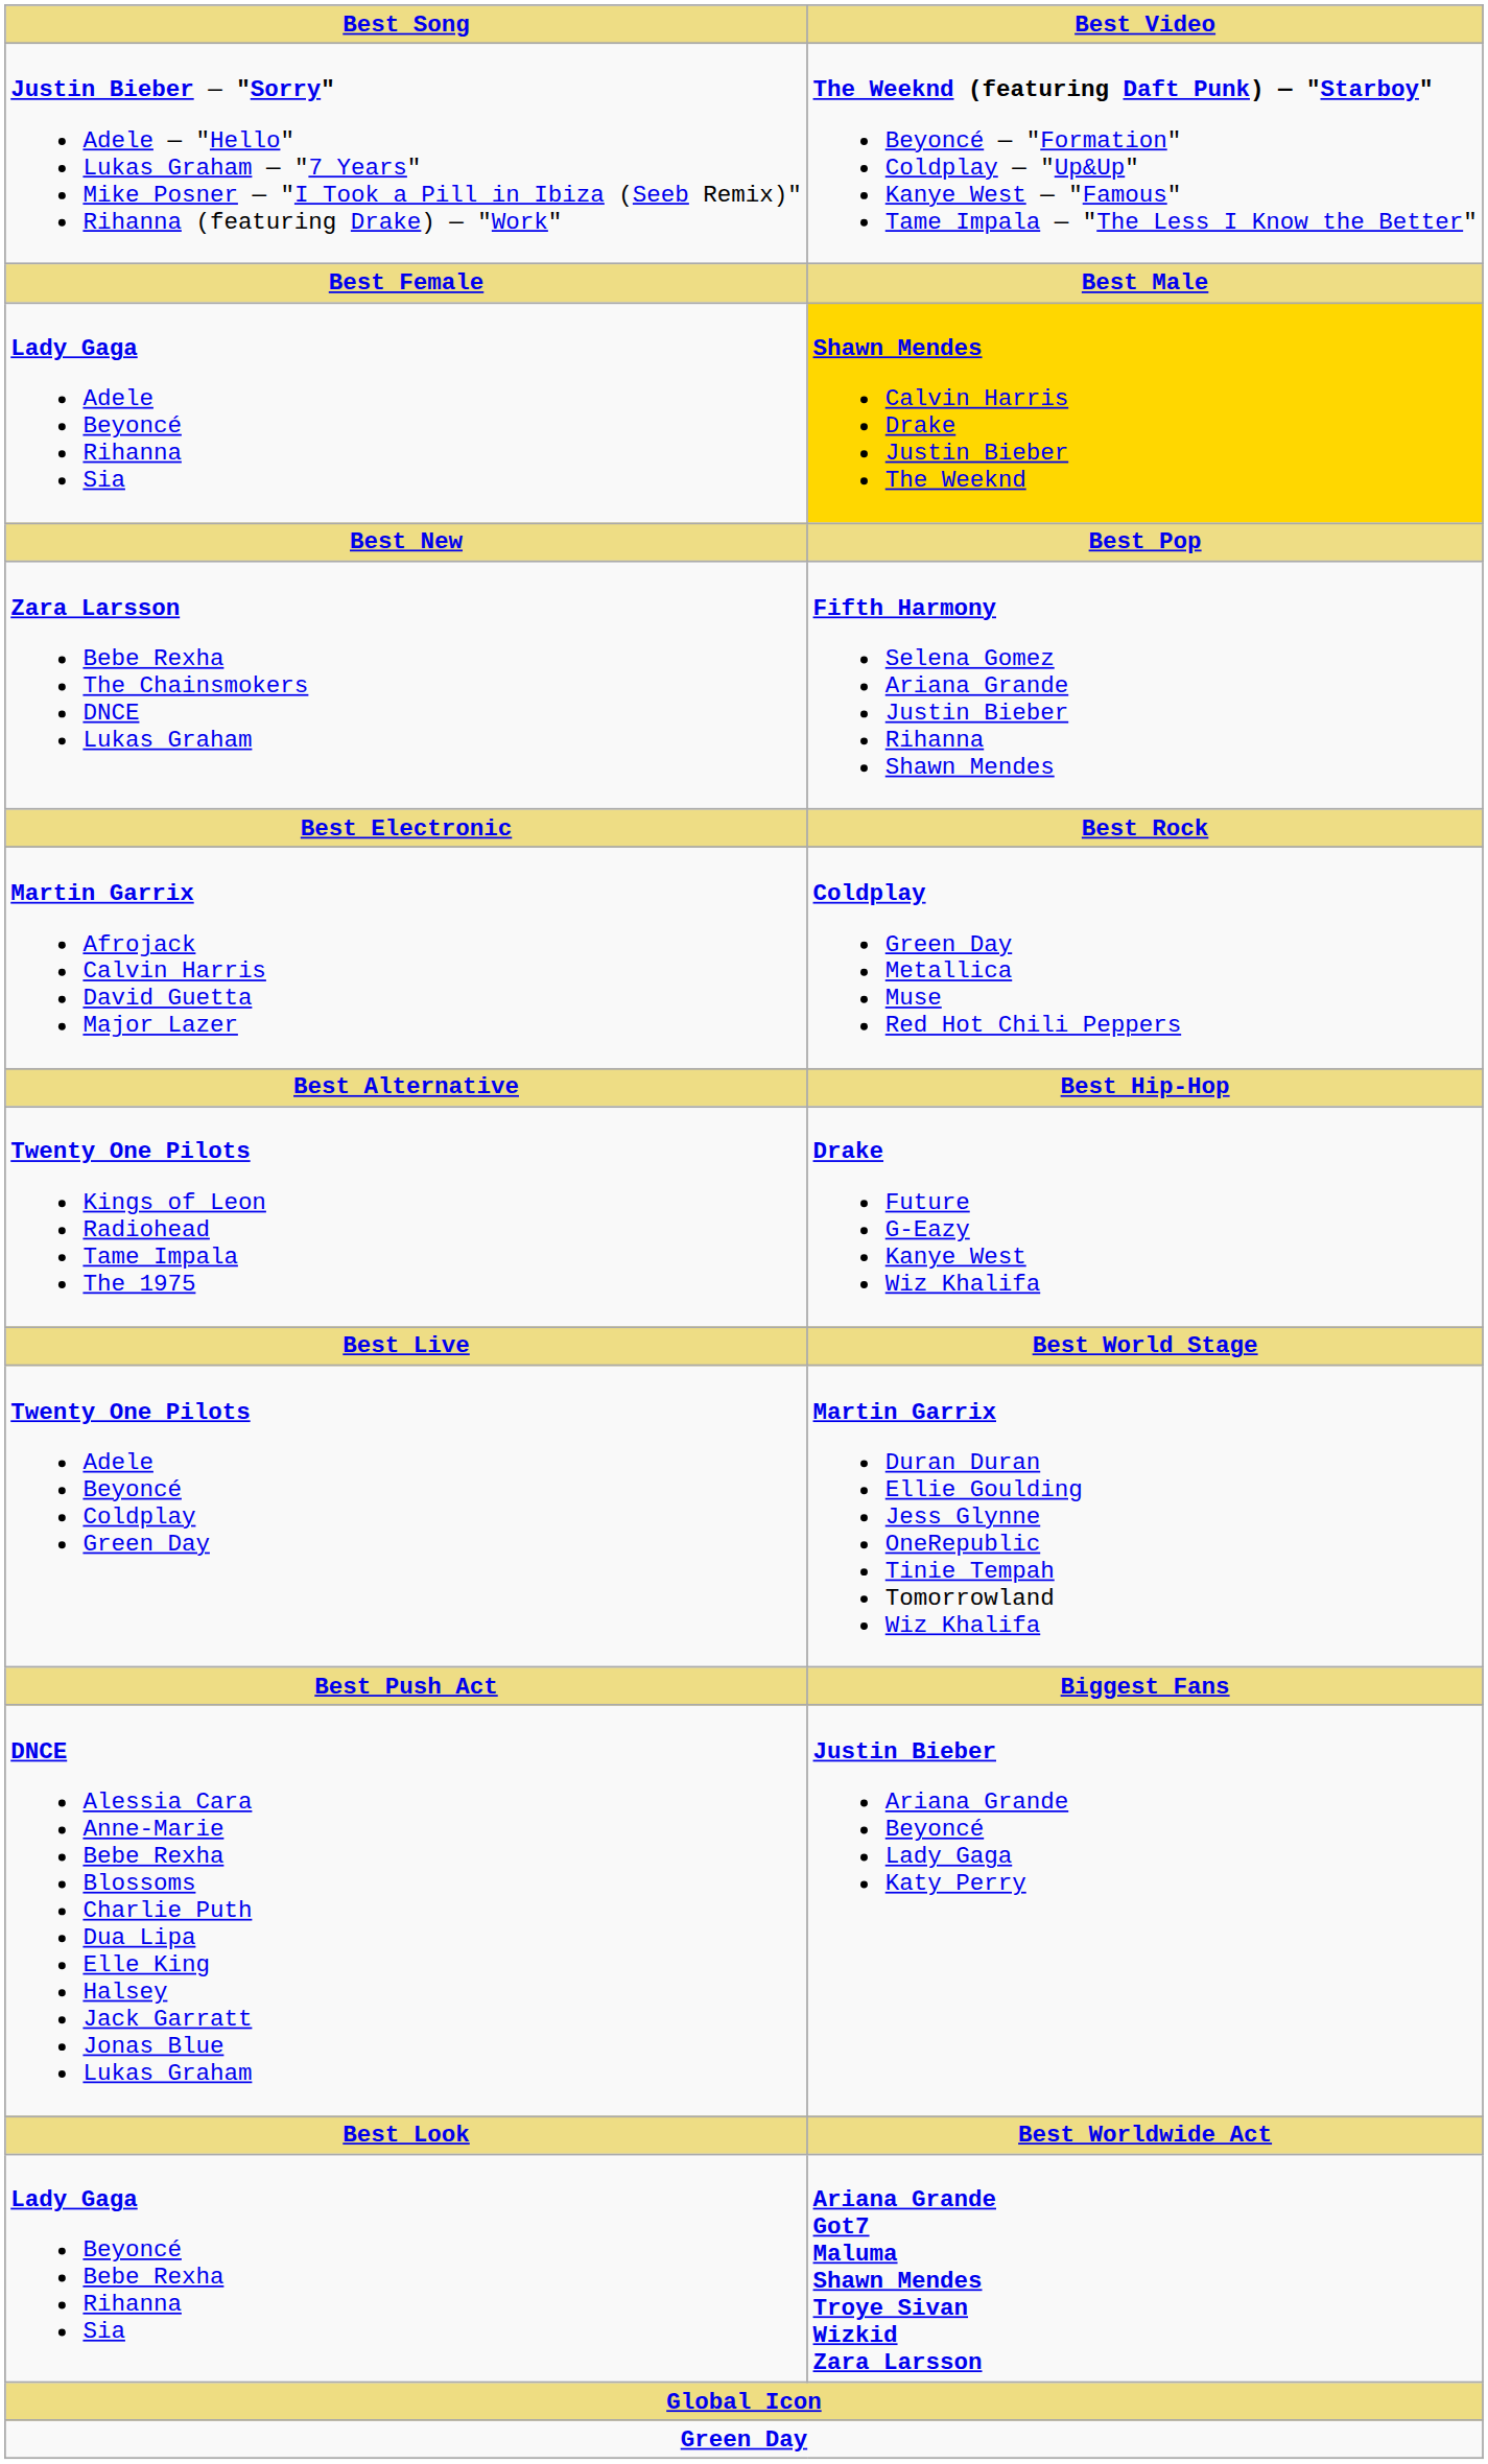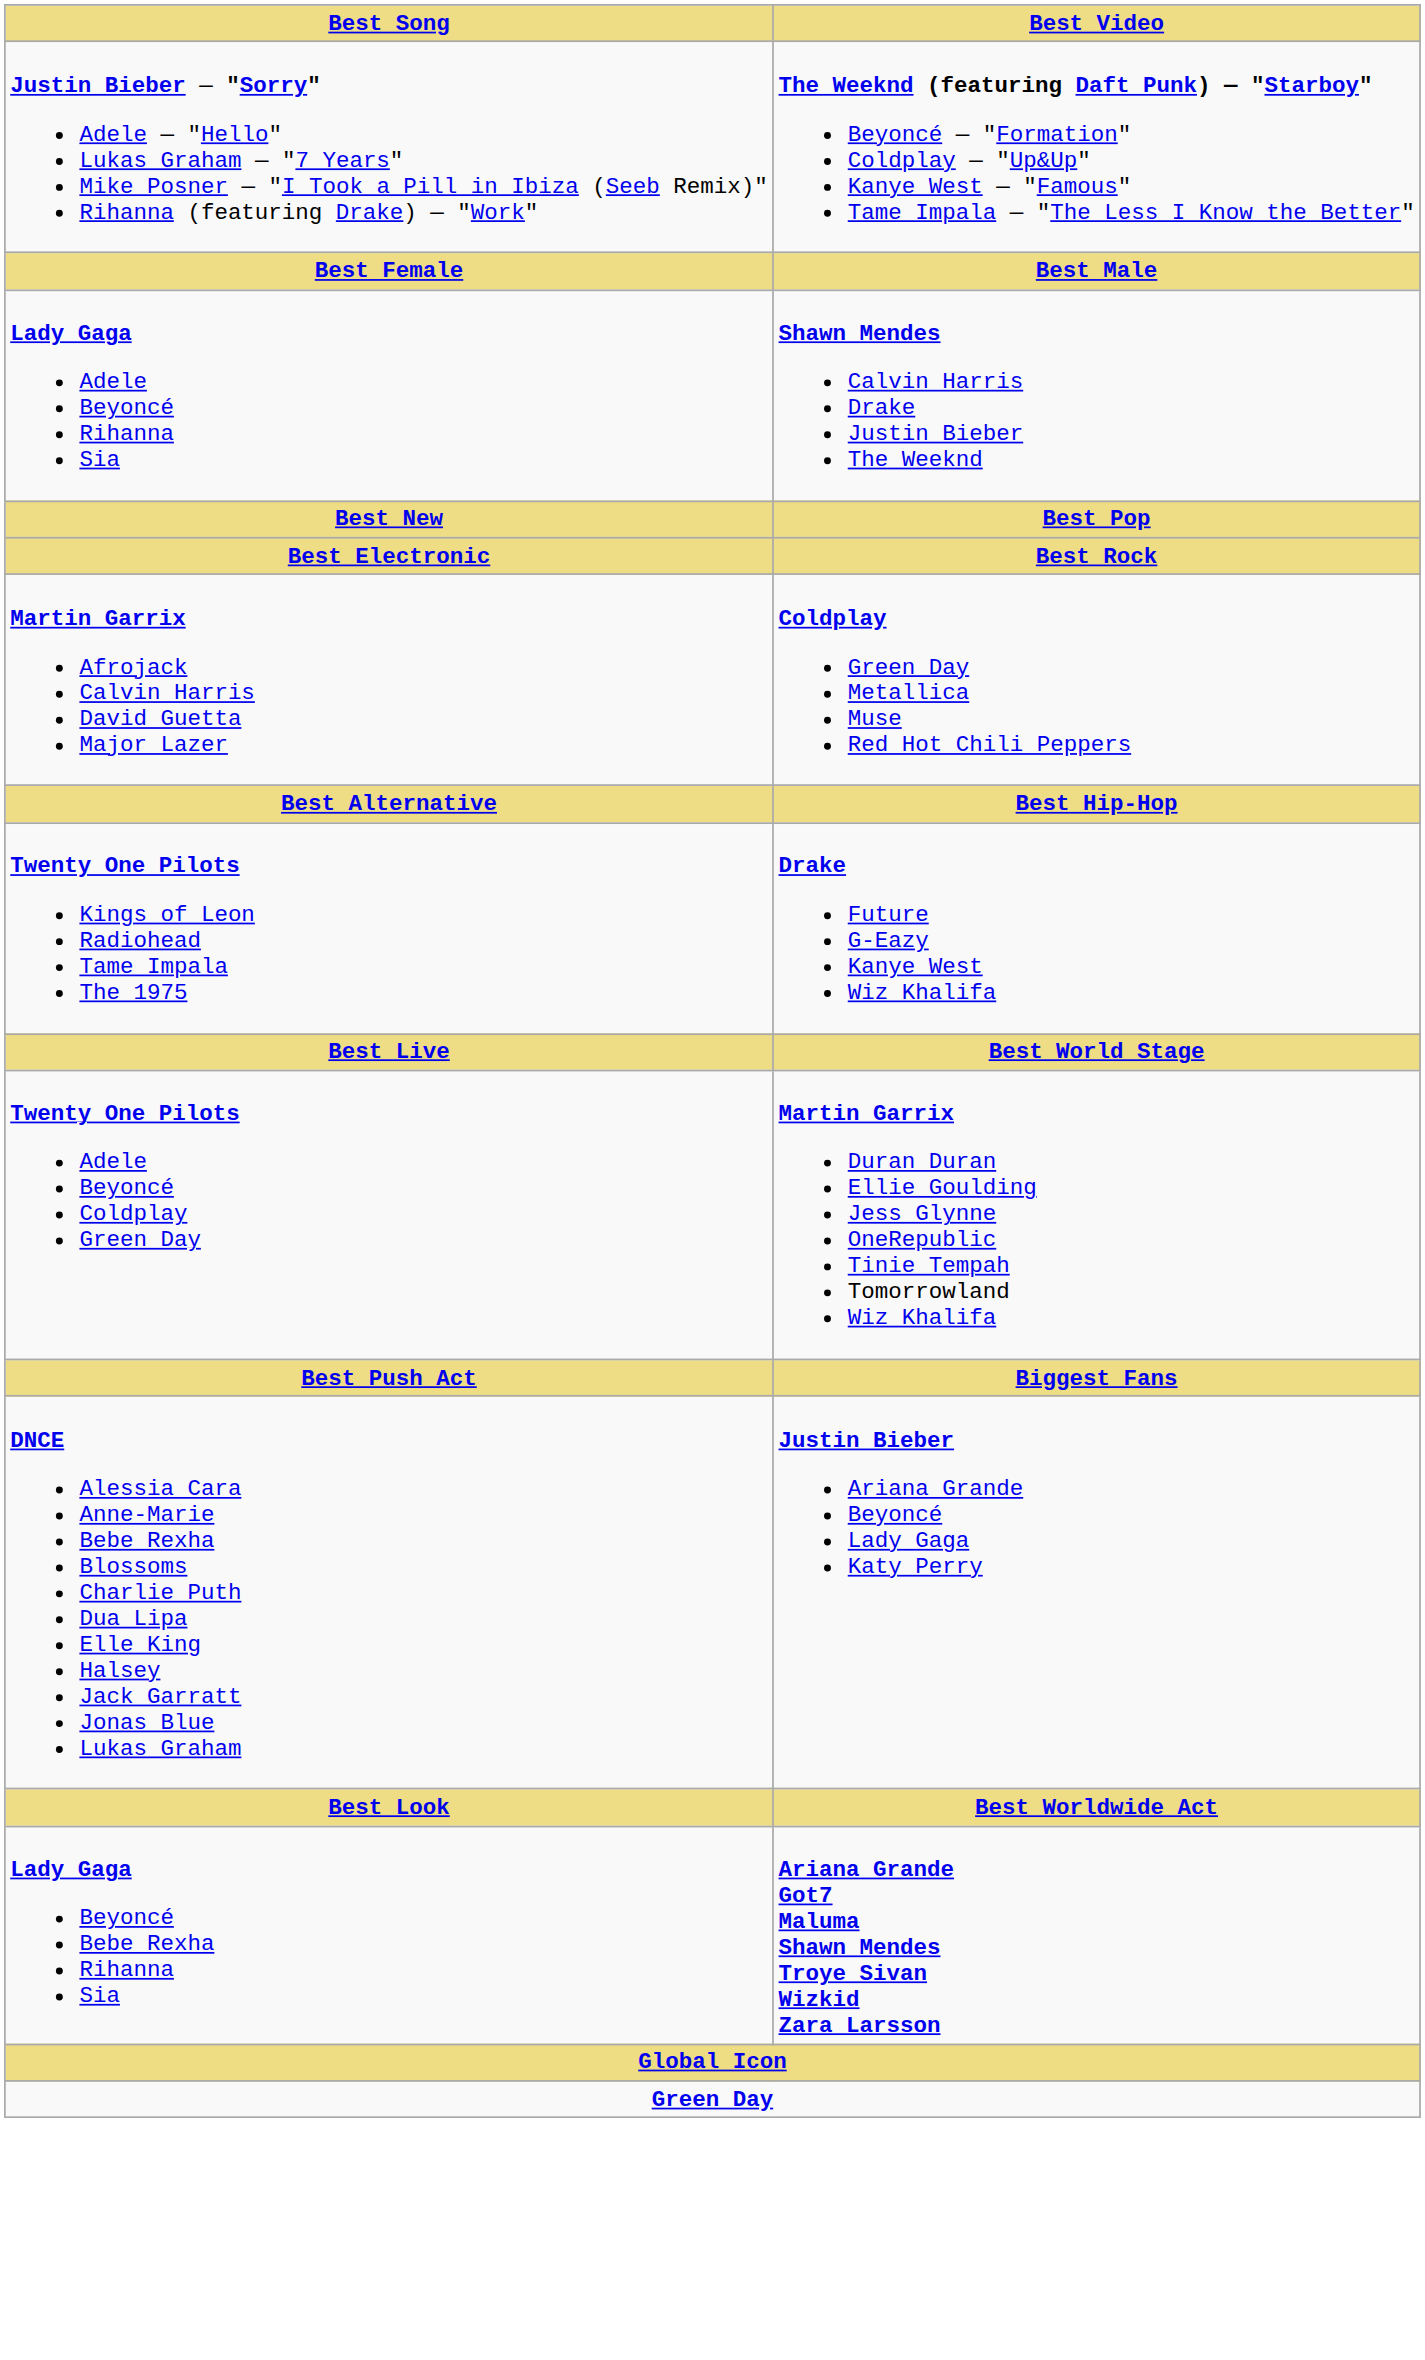 <table class=wikitable style="width=100%">
 <tr>
 <th style="background:#EEDD85; width=50%"><a href='#'>Best Song</a></th>
 <th style="background:#EEDD85; width=50%"><a href='#'>Best Video</a></th>
 </tr>
 <tr>
 <td valign="top"><br><strong><a href='#'>Justin Bieber</a></strong> — <strong>"<a href='#'>Sorry</a>"</strong><ul><li><a href='#'>Adele</a> — "<a href='#'>Hello</a>"</li><li><a href='#'>Lukas Graham</a> — "<a href='#'>7 Years</a>"</li><li><a href='#'>Mike Posner</a> — "<a href='#'>I Took a Pill in Ibiza</a> (<a href='#'>Seeb</a> Remix)"</li><li><a href='#'>Rihanna</a> (featuring <a href='#'>Drake</a>) — "<a href='#'>Work</a>"</li></ul></td>
 <td valign="top"><br><strong><a href='#'>The Weeknd</a> (featuring <a href='#'>Daft Punk</a>) — "<a href='#'>Starboy</a>"</strong><ul><li><a href='#'>Beyoncé</a> — "<a href='#'>Formation</a>"</li><li><a href='#'>Coldplay</a> — "<a href='#'>Up&Up</a>"</li><li><a href='#'>Kanye West</a> — "<a href='#'>Famous</a>"</li><li><a href='#'>Tame Impala</a> — "<a href='#'>The Less I Know the Better</a>"</li></ul></td>
 </tr>
 <tr>
 <th style="background:#EEDD85; width=50%"><a href='#'>Best Female</a></th>
 <th style="background:#EEDD85; width=50%"><a href='#'>Best Male</a></th>
 </tr>
 <tr>
 <td valign="top"><br><strong><a href='#'>Lady Gaga</a></strong><ul><li><a href='#'>Adele</a></li><li><a href='#'>Beyoncé</a></li><li><a href='#'>Rihanna</a></li><li><a href='#'>Sia</a></li></ul></td>
-<td valign="top" style="background: gold;"><br><strong><a href='#'>Shawn Mendes</a></strong><ul><li><a href='#'>Calvin Harris</a></li><li><a href='#'>Drake</a></li><li><a href='#'>Justin Bieber</a></li><li><a href='#'>The Weeknd</a></li></ul></td>
+<td valign="top"><br><strong><a href='#'>Shawn Mendes</a></strong><ul><li><a href='#'>Calvin Harris</a></li><li><a href='#'>Drake</a></li><li><a href='#'>Justin Bieber</a></li><li><a href='#'>The Weeknd</a></li></ul></td>
 </tr>
 <tr>
 <th style="background:#EEDD85; width=50%"><a href='#'>Best New</a></th>
 <th style="background:#EEDD85; width=50%"><a href='#'>Best Pop</a></th>
-</tr>
-<tr>
-<td valign="top"><br><strong><a href='#'>Zara Larsson</a></strong><ul><li><a href='#'>Bebe Rexha</a></li><li><a href='#'>The Chainsmokers</a></li><li><a href='#'>DNCE</a></li><li><a href='#'>Lukas Graham</a></li></ul></td>
-<td valign="top"><br><strong><a href='#'>Fifth Harmony</a></strong><ul><li><a href='#'>Selena Gomez</a></li><li><a href='#'>Ariana Grande</a></li><li><a href='#'>Justin Bieber</a></li><li><a href='#'>Rihanna</a></li><li><a href='#'>Shawn Mendes</a></li></ul></td>
 </tr>
 <tr>
 <th style="background:#EEDD85; width=50%"><a href='#'>Best Electronic</a></th>
 <th style="background:#EEDD85; width=50%"><a href='#'>Best Rock</a></th>
 </tr>
 <tr>
 <td valign="top"><br><strong><a href='#'>Martin Garrix</a></strong><ul><li><a href='#'>Afrojack</a></li><li><a href='#'>Calvin Harris</a></li><li><a href='#'>David Guetta</a></li><li><a href='#'>Major Lazer</a></li></ul></td>
 <td valign="top"><br><strong><a href='#'>Coldplay</a></strong><ul><li><a href='#'>Green Day</a></li><li><a href='#'>Metallica</a></li><li><a href='#'>Muse</a></li><li><a href='#'>Red Hot Chili Peppers</a></li></ul></td>
 </tr>
 <tr>
 <th style="background:#EEDD85; width=50%"><a href='#'>Best Alternative</a></th>
 <th style="background:#EEDD85; width=50%"><a href='#'>Best Hip-Hop</a></th>
 </tr>
 <tr>
 <td valign="top"><br><strong><a href='#'>Twenty One Pilots</a></strong><ul><li><a href='#'>Kings of Leon</a></li><li><a href='#'>Radiohead</a></li><li><a href='#'>Tame Impala</a></li><li><a href='#'>The 1975</a></li></ul></td>
 <td valign="top"><br><strong><a href='#'>Drake</a></strong><ul><li><a href='#'>Future</a></li><li><a href='#'>G-Eazy</a></li><li><a href='#'>Kanye West</a></li><li><a href='#'>Wiz Khalifa</a></li></ul></td>
 </tr>
 <tr>
 <th style="background:#EEDD85; width=50%"><a href='#'>Best Live</a></th>
 <th style="background:#EEDD85; width=50%"><a href='#'>Best World Stage</a></th>
 </tr>
 <tr>
 <td valign="top"><br><strong><a href='#'>Twenty One Pilots</a></strong><ul><li><a href='#'>Adele</a></li><li><a href='#'>Beyoncé</a></li><li><a href='#'>Coldplay</a></li><li><a href='#'>Green Day</a></li></ul></td>
 <td valign="top"><br><strong><a href='#'>Martin Garrix</a></strong><ul><li><a href='#'>Duran Duran</a></li><li><a href='#'>Ellie Goulding</a></li><li><a href='#'>Jess Glynne</a></li><li><a href='#'>OneRepublic</a></li><li><a href='#'>Tinie Tempah</a></li><li>Tomorrowland</li><li><a href='#'>Wiz Khalifa</a></li></ul></td>
 </tr>
 <tr>
 <th style="background:#EEDD85; width=50%"><a href='#'>Best Push Act</a></th>
 <th style="background:#EEDD85; width=50%"><a href='#'>Biggest Fans</a></th>
 </tr>
 <tr>
 <td valign="top"><br><strong><a href='#'>DNCE</a></strong><ul><li><a href='#'>Alessia Cara</a></li><li><a href='#'>Anne-Marie</a></li><li><a href='#'>Bebe Rexha</a></li><li><a href='#'>Blossoms</a></li><li><a href='#'>Charlie Puth</a></li><li><a href='#'>Dua Lipa</a></li><li><a href='#'>Elle King</a></li><li><a href='#'>Halsey</a></li><li><a href='#'>Jack Garratt</a></li><li><a href='#'>Jonas Blue</a></li><li><a href='#'>Lukas Graham</a></li></ul></td>
 <td valign="top"><br><strong><a href='#'>Justin Bieber</a></strong><ul><li><a href='#'>Ariana Grande</a></li><li><a href='#'>Beyoncé</a></li><li><a href='#'>Lady Gaga</a></li><li><a href='#'>Katy Perry</a></li></ul></td>
 </tr>
 <tr>
 <th style="background:#EEDD85; width=50%"><a href='#'>Best Look</a></th>
 <th style="background:#EEDD85; width=50%"><a href='#'>Best Worldwide Act</a></th>
 </tr>
 <tr>
 <td valign="top"><br><strong><a href='#'>Lady Gaga</a></strong><ul><li><a href='#'>Beyoncé</a></li><li><a href='#'>Bebe Rexha</a></li><li><a href='#'>Rihanna</a></li><li><a href='#'>Sia</a></li></ul></td>
 <td valign="top"><br><strong><a href='#'>Ariana Grande</a></strong><br> <strong><a href='#'>Got7</a></strong><br> <strong><a href='#'>Maluma</a></strong><br> <strong><a href='#'>Shawn Mendes</a></strong><br> <strong><a href='#'>Troye Sivan</a></strong><br> <strong><a href='#'>Wizkid</a></strong><br> <strong><a href='#'>Zara Larsson</a></strong></td>
 </tr>
 <tr>
 <th style="background:#EEDD82; width=50%" colspan="2"><a href='#'>Global Icon</a></th>
 </tr>
 <tr>
 <td colspan="2" style="text-align: center;"><strong><a href='#'>Green Day</a></strong></td>
 </tr>
 </table>
